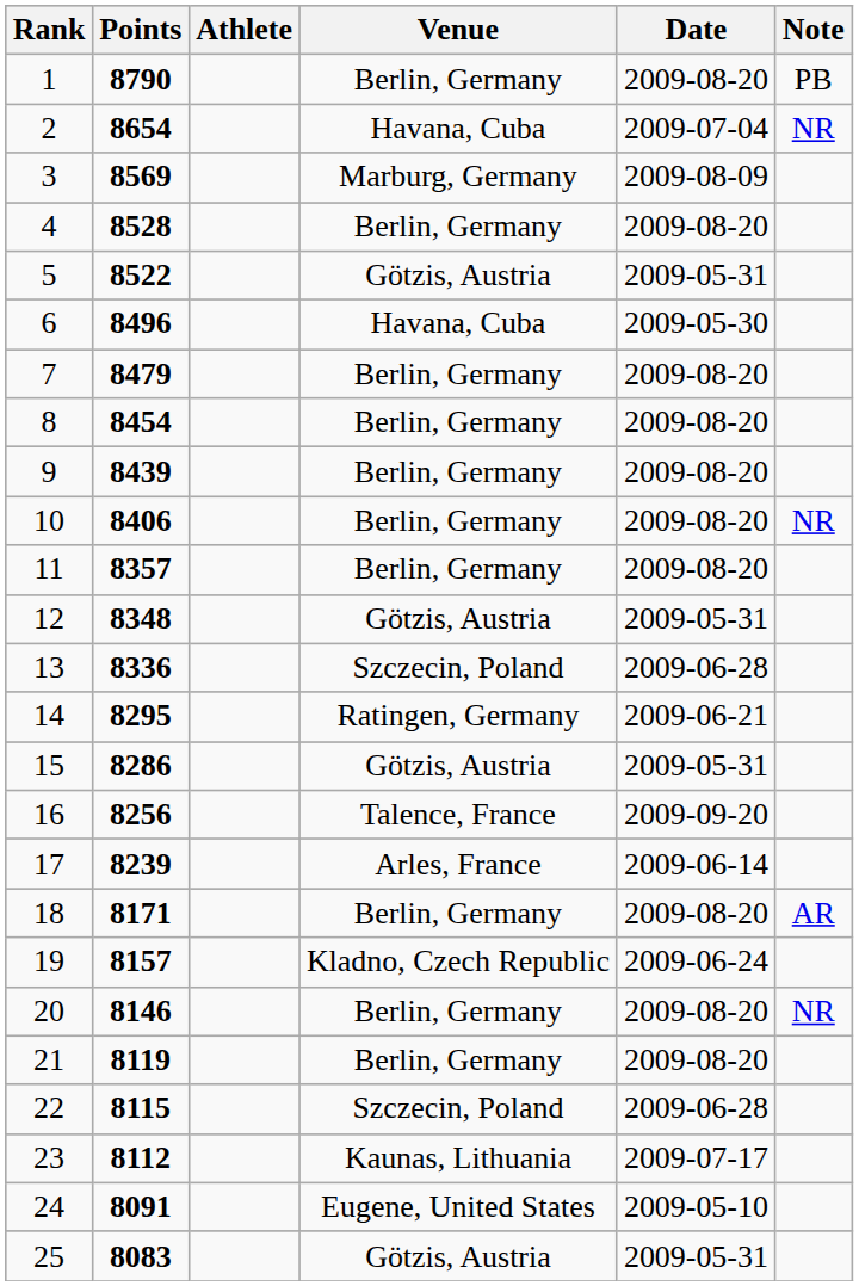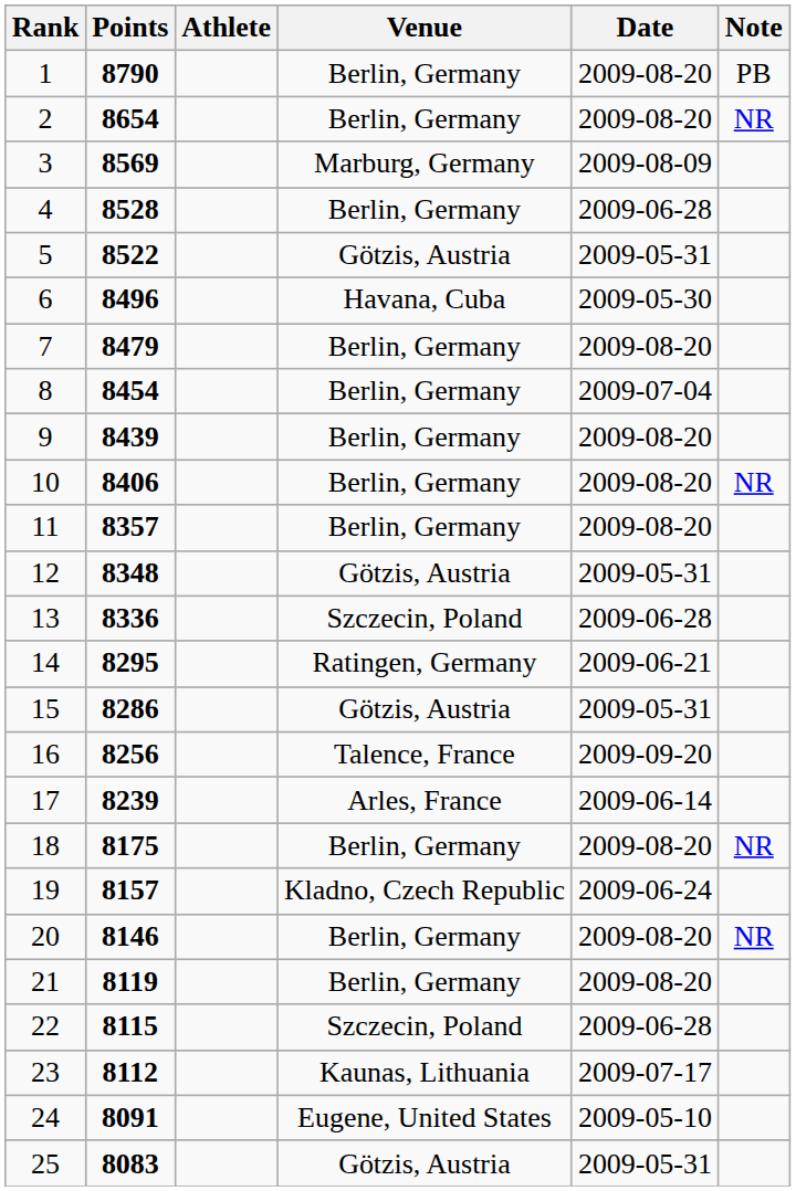 <table class="wikitable" style=" text-align:center;">
 <tr>
 <th>Rank</th>
 <th>Points</th>
 <th>Athlete</th>
 <th>Venue</th>
 <th>Date</th>
 <th>Note</th>
 </tr>
 <tr>
 <td>1</td>
 <td><strong>8790</strong></td>
 <td align=left></td>
 <td>Berlin, Germany</td>
 <td>2009-08-20</td>
 <td>PB</td>
 </tr>
 <tr>
 <td>2</td>
 <td><strong>8654</strong></td>
 <td align=left></td>
-<td>Havana, Cuba</td>
-<td>2009-07-04</td>
+<td>Berlin, Germany</td>
+<td>2009-08-20</td>
 <td><a href='#'>NR</a></td>
 </tr>
 <tr>
 <td>3</td>
 <td><strong>8569</strong></td>
 <td align=left></td>
 <td>Marburg, Germany</td>
 <td>2009-08-09</td>
 <td></td>
 </tr>
 <tr>
 <td>4</td>
 <td><strong>8528</strong></td>
 <td align=left></td>
 <td>Berlin, Germany</td>
-<td>2009-08-20</td>
+<td>2009-06-28</td>
 <td></td>
 </tr>
 <tr>
 <td>5</td>
 <td><strong>8522</strong></td>
 <td align=left></td>
 <td>Götzis, Austria</td>
 <td>2009-05-31</td>
 <td></td>
 </tr>
 <tr>
 <td>6</td>
 <td><strong>8496</strong></td>
 <td align=left></td>
 <td>Havana, Cuba</td>
 <td>2009-05-30</td>
 <td></td>
 </tr>
 <tr>
 <td>7</td>
 <td><strong>8479</strong></td>
 <td align=left></td>
 <td>Berlin, Germany</td>
 <td>2009-08-20</td>
 <td></td>
 </tr>
 <tr>
 <td>8</td>
 <td><strong>8454</strong></td>
 <td align=left></td>
 <td>Berlin, Germany</td>
-<td>2009-08-20</td>
+<td>2009-07-04</td>
 <td></td>
 </tr>
 <tr>
 <td>9</td>
 <td><strong>8439</strong></td>
 <td align=left></td>
 <td>Berlin, Germany</td>
 <td>2009-08-20</td>
 <td></td>
 </tr>
 <tr>
 <td>10</td>
 <td><strong>8406</strong></td>
 <td align=left></td>
 <td>Berlin, Germany</td>
 <td>2009-08-20</td>
 <td><a href='#'>NR</a></td>
 </tr>
 <tr>
 <td>11</td>
 <td><strong>8357</strong></td>
 <td align=left></td>
 <td>Berlin, Germany</td>
 <td>2009-08-20</td>
 <td></td>
 </tr>
 <tr>
 <td>12</td>
 <td><strong>8348</strong></td>
 <td align=left></td>
 <td>Götzis, Austria</td>
 <td>2009-05-31</td>
 <td></td>
 </tr>
 <tr>
 <td>13</td>
 <td><strong>8336</strong></td>
 <td align=left></td>
 <td>Szczecin, Poland</td>
 <td>2009-06-28</td>
 <td></td>
 </tr>
 <tr>
 <td>14</td>
 <td><strong>8295</strong></td>
 <td align=left></td>
 <td>Ratingen, Germany</td>
 <td>2009-06-21</td>
 <td></td>
 </tr>
 <tr>
 <td>15</td>
 <td><strong>8286</strong></td>
 <td align=left></td>
 <td>Götzis, Austria</td>
 <td>2009-05-31</td>
 <td></td>
 </tr>
 <tr>
 <td>16</td>
 <td><strong>8256</strong></td>
 <td align=left></td>
 <td>Talence, France</td>
 <td>2009-09-20</td>
 <td></td>
 </tr>
 <tr>
 <td>17</td>
 <td><strong>8239</strong></td>
 <td align=left></td>
 <td>Arles, France</td>
 <td>2009-06-14</td>
 <td></td>
 </tr>
 <tr>
 <td>18</td>
-<td><strong>8171</strong></td>
+<td><strong>8175</strong></td>
 <td align=left></td>
 <td>Berlin, Germany</td>
 <td>2009-08-20</td>
-<td><a href='#'>AR</a></td>
+<td><a href='#'>NR</a></td>
 </tr>
 <tr>
 <td>19</td>
 <td><strong>8157</strong></td>
 <td align=left></td>
 <td>Kladno, Czech Republic</td>
 <td>2009-06-24</td>
 <td></td>
 </tr>
 <tr>
 <td>20</td>
 <td><strong>8146</strong></td>
 <td align=left></td>
 <td>Berlin, Germany</td>
 <td>2009-08-20</td>
 <td><a href='#'>NR</a></td>
 </tr>
 <tr>
 <td>21</td>
 <td><strong>8119</strong></td>
 <td align=left></td>
 <td>Berlin, Germany</td>
 <td>2009-08-20</td>
 <td></td>
 </tr>
 <tr>
 <td>22</td>
 <td><strong>8115</strong></td>
 <td align=left></td>
 <td>Szczecin, Poland</td>
 <td>2009-06-28</td>
 <td></td>
 </tr>
 <tr>
 <td>23</td>
 <td><strong>8112</strong></td>
 <td align=left></td>
 <td>Kaunas, Lithuania</td>
 <td>2009-07-17</td>
 <td></td>
 </tr>
 <tr>
 <td>24</td>
 <td><strong>8091</strong></td>
 <td align=left></td>
 <td>Eugene, United States</td>
 <td>2009-05-10</td>
 <td></td>
 </tr>
 <tr>
 <td>25</td>
 <td><strong>8083</strong></td>
 <td align=left></td>
 <td>Götzis, Austria</td>
 <td>2009-05-31</td>
 <td></td>
 </tr>
 </table>
